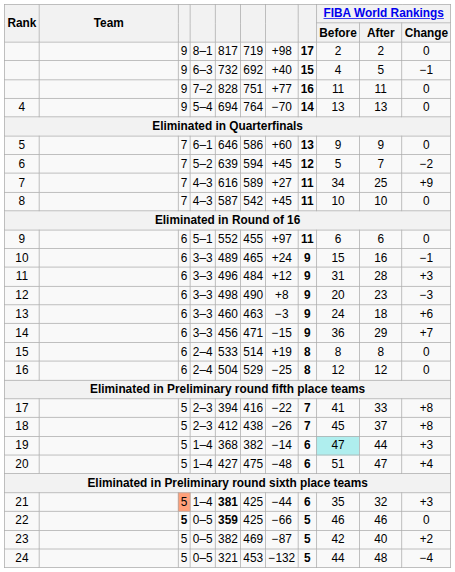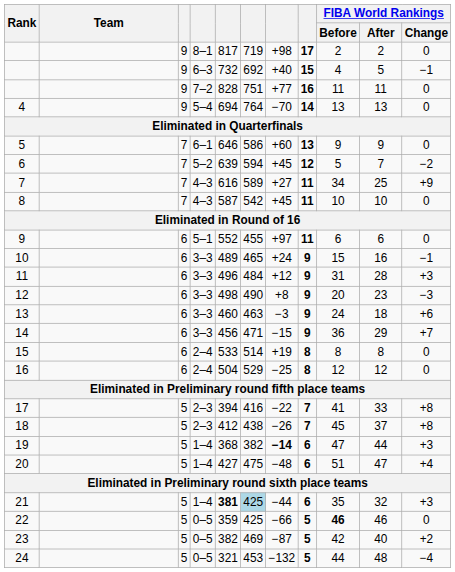 <table class="wikitable" style="text-align:center">
 <tr>
 <th rowspan=2 width=40>Rank</th>
 <th rowspan=2 width=180>Team</th>
 <th rowspan=2 width:5%></th>
 <th rowspan=2 width:5%></th>
 <th rowspan=2 width:5%></th>
 <th rowspan=2 width:5%></th>
 <th rowspan=2 width:5%></th>
 <th rowspan=2 width:5%></th>
 <th colspan=3><a href='#'>FIBA World Rankings</a></th>
 </tr>
 <tr>
 <th width=50>Before</th>
 <th width=50>After</th>
 <th width=50>Change</th>
 </tr>
 <tr>
 <td></td>
 <td style="text-align:left"></td>
 <td>9</td>
 <td>8–1</td>
 <td>817</td>
 <td>719</td>
 <td>+98</td>
 <td><strong>17</strong></td>
 <td>2</td>
 <td>2</td>
 <td>0</td>
 </tr>
 <tr>
 <td></td>
 <td style="text-align:left"></td>
 <td>9</td>
 <td>6–3</td>
 <td>732</td>
 <td>692</td>
 <td>+40</td>
 <td><strong>15</strong></td>
 <td>4</td>
 <td>5</td>
 <td>−1</td>
 </tr>
 <tr>
 <td></td>
 <td style="text-align:left"></td>
 <td>9</td>
 <td>7–2</td>
 <td>828</td>
 <td>751</td>
 <td>+77</td>
 <td><strong>16</strong></td>
 <td>11</td>
 <td>11</td>
 <td>0</td>
 </tr>
 <tr>
 <td>4</td>
 <td style="text-align:left"></td>
 <td>9</td>
 <td>5–4</td>
 <td>694</td>
 <td>764</td>
 <td>−70</td>
 <td><strong>14</strong></td>
 <td>13</td>
 <td>13</td>
 <td>0</td>
 </tr>
 <tr>
 <th colspan="11">Eliminated in Quarterfinals</th>
 </tr>
 <tr>
 <td>5</td>
 <td style="text-align:left"></td>
 <td>7</td>
 <td>6–1</td>
 <td>646</td>
 <td>586</td>
 <td>+60</td>
 <td><strong>13</strong></td>
 <td>9</td>
 <td>9</td>
 <td>0</td>
 </tr>
 <tr>
 <td>6</td>
 <td style="text-align:left"></td>
 <td>7</td>
 <td>5–2</td>
 <td>639</td>
 <td>594</td>
 <td>+45</td>
 <td><strong>12</strong></td>
 <td>5</td>
 <td>7</td>
 <td>−2</td>
 </tr>
 <tr>
 <td>7</td>
 <td style="text-align:left"></td>
 <td>7</td>
 <td>4–3</td>
 <td>616</td>
 <td>589</td>
 <td>+27</td>
 <td><strong>11</strong></td>
 <td>34</td>
 <td>25</td>
 <td>+9</td>
 </tr>
 <tr>
 <td>8</td>
 <td style="text-align:left"></td>
 <td>7</td>
 <td>4–3</td>
 <td>587</td>
 <td>542</td>
 <td>+45</td>
 <td><strong>11</strong></td>
 <td>10</td>
 <td>10</td>
 <td>0</td>
 </tr>
 <tr>
 <th colspan="11">Eliminated in Round of 16</th>
 </tr>
 <tr>
 <td>9</td>
 <td style="text-align:left"></td>
 <td>6</td>
 <td>5–1</td>
 <td>552</td>
 <td>455</td>
 <td>+97</td>
 <td><strong>11</strong></td>
 <td>6</td>
 <td>6</td>
 <td>0</td>
 </tr>
 <tr>
 <td>10</td>
 <td style="text-align:left"></td>
 <td>6</td>
 <td>3–3</td>
 <td>489</td>
 <td>465</td>
 <td>+24</td>
 <td><strong>9</strong></td>
 <td>15</td>
 <td>16</td>
 <td>−1</td>
 </tr>
 <tr>
 <td>11</td>
 <td style="text-align:left"></td>
 <td>6</td>
 <td>3–3</td>
 <td>496</td>
 <td>484</td>
 <td>+12</td>
 <td><strong>9</strong></td>
 <td>31</td>
 <td>28</td>
 <td>+3</td>
 </tr>
 <tr>
 <td>12</td>
 <td style="text-align:left"></td>
 <td>6</td>
 <td>3–3</td>
 <td>498</td>
 <td>490</td>
 <td>+8</td>
 <td><strong>9</strong></td>
 <td>20</td>
 <td>23</td>
 <td>−3</td>
 </tr>
 <tr>
 <td>13</td>
 <td style="text-align:left"></td>
 <td>6</td>
 <td>3–3</td>
 <td>460</td>
 <td>463</td>
 <td>−3</td>
 <td><strong>9</strong></td>
 <td>24</td>
 <td>18</td>
 <td>+6</td>
 </tr>
 <tr>
 <td>14</td>
 <td style="text-align:left"></td>
 <td>6</td>
 <td>3–3</td>
 <td>456</td>
 <td>471</td>
 <td>−15</td>
 <td><strong>9</strong></td>
 <td>36</td>
 <td>29</td>
 <td>+7</td>
 </tr>
 <tr>
 <td>15</td>
 <td style="text-align:left"></td>
 <td>6</td>
 <td>2–4</td>
 <td>533</td>
 <td>514</td>
 <td>+19</td>
 <td><strong>8</strong></td>
 <td>8</td>
 <td>8</td>
 <td>0</td>
 </tr>
 <tr>
 <td>16</td>
 <td style="text-align:left"></td>
 <td>6</td>
 <td>2–4</td>
 <td>504</td>
 <td>529</td>
 <td>−25</td>
 <td><strong>8</strong></td>
 <td>12</td>
 <td>12</td>
 <td>0</td>
 </tr>
 <tr>
 <th colspan="11">Eliminated in Preliminary round fifth place teams</th>
 </tr>
 <tr>
 <td>17</td>
 <td style="text-align:left"></td>
 <td>5</td>
 <td>2–3</td>
 <td>394</td>
 <td>416</td>
 <td>−22</td>
 <td><strong>7</strong></td>
 <td>41</td>
 <td>33</td>
 <td>+8</td>
 </tr>
 <tr>
 <td>18</td>
 <td style="text-align:left"></td>
 <td>5</td>
 <td>2–3</td>
 <td>412</td>
 <td>438</td>
 <td>−26</td>
 <td><strong>7</strong></td>
 <td>45</td>
 <td>37</td>
 <td>+8</td>
 </tr>
 <tr>
 <td>19</td>
 <td style="text-align:left"></td>
 <td>5</td>
 <td>1–4</td>
 <td>368</td>
 <td>382</td>
-<td>−14</td>
+<td><strong>−14</strong></td>
 <td><strong>6</strong></td>
-<td style="background: paleturquoise;">47</td>
+<td>47</td>
 <td>44</td>
 <td>+3</td>
 </tr>
 <tr>
 <td>20</td>
 <td style="text-align:left"></td>
 <td>5</td>
 <td>1–4</td>
 <td>427</td>
 <td>475</td>
 <td>−48</td>
 <td><strong>6</strong></td>
 <td>51</td>
 <td>47</td>
 <td>+4</td>
 </tr>
 <tr>
 <th colspan="11">Eliminated in Preliminary round sixth place teams</th>
 </tr>
 <tr>
 <td>21</td>
 <td style="text-align:left"></td>
-<td style="background: lightsalmon;">5</td>
+<td>5</td>
 <td>1–4</td>
 <td><strong>381</strong></td>
-<td>425</td>
+<td style="background: lightblue;">425</td>
 <td>−44</td>
 <td><strong>6</strong></td>
 <td>35</td>
 <td>32</td>
 <td>+3</td>
 </tr>
 <tr>
 <td>22</td>
 <td style="text-align:left"></td>
-<td><strong>5</strong></td>
+<td>5</td>
 <td>0–5</td>
-<td><strong>359</strong></td>
+<td>359</td>
 <td>425</td>
 <td>−66</td>
 <td><strong>5</strong></td>
-<td>46</td>
+<td><strong>46</strong></td>
 <td>46</td>
 <td>0</td>
 </tr>
 <tr>
 <td>23</td>
 <td style="text-align:left"></td>
 <td>5</td>
 <td>0–5</td>
 <td>382</td>
 <td>469</td>
 <td>−87</td>
 <td><strong>5</strong></td>
 <td>42</td>
 <td>40</td>
 <td>+2</td>
 </tr>
 <tr>
 <td>24</td>
 <td style="text-align:left"></td>
 <td>5</td>
 <td>0–5</td>
 <td>321</td>
 <td>453</td>
 <td>−132</td>
 <td><strong>5</strong></td>
 <td>44</td>
 <td>48</td>
 <td>−4</td>
 </tr>
 </table>
